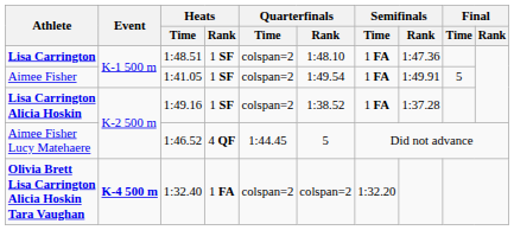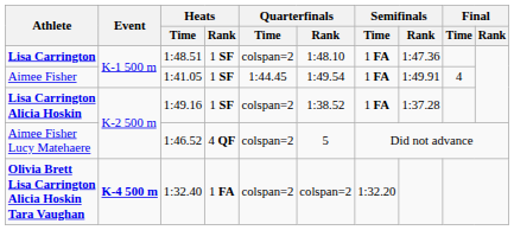 <table class=wikitable style=font-size:90%;text-align:center>
 <tr>
 <th rowspan=2>Athlete</th>
 <th rowspan=2>Event</th>
 <th colspan=2>Heats</th>
 <th colspan=2>Quarterfinals</th>
 <th colspan=2>Semifinals</th>
 <th colspan=2>Final</th>
 </tr>
 <tr style=font-size:95%>
 <th>Time</th>
 <th>Rank</th>
 <th>Time</th>
 <th>Rank</th>
 <th>Time</th>
 <th>Rank</th>
 <th>Time</th>
 <th>Rank</th>
 </tr>
 <tr>
 <td align=left><strong><a href='#'>Lisa Carrington</a></strong></td>
 <td align=left rowspan=2><a href='#'>K-1 500 m</a></td>
 <td>1:48.51</td>
 <td>1 <strong>SF</strong></td>
 <td>colspan=2 </td>
 <td>1:48.10</td>
 <td>1 <strong>FA</strong></td>
 <td>1:47.36</td>
 <td></td>
 </tr>
 <tr>
 <td align=left><a href='#'>Aimee Fisher</a></td>
 <td>1:41.05</td>
 <td>1 <strong>SF</strong></td>
-<td>colspan=2 </td>
+<td>1:44.45</td>
 <td>1:49.54</td>
 <td>1 <strong>FA</strong></td>
 <td>1:49.91</td>
-<td>5</td>
+<td>4</td>
 </tr>
 <tr>
 <td align=left><strong><a href='#'>Lisa Carrington</a></strong><br><strong><a href='#'>Alicia Hoskin</a></strong></td>
 <td align=left rowspan=2><a href='#'>K-2 500 m</a></td>
 <td>1:49.16</td>
 <td>1 <strong>SF</strong></td>
 <td>colspan=2 </td>
 <td>1:38.52</td>
 <td>1 <strong>FA</strong></td>
 <td>1:37.28</td>
 <td></td>
 </tr>
 <tr>
 <td align=left><a href='#'>Aimee Fisher</a><br><a href='#'>Lucy Matehaere</a></td>
 <td>1:46.52</td>
 <td>4 <strong>QF</strong></td>
-<td>1:44.45</td>
+<td>colspan=2 </td>
 <td>5</td>
 <td colspan=4>Did not advance</td>
 </tr>
 <tr>
 <td align=left><strong><a href='#'>Olivia Brett</a></strong><br><strong><a href='#'>Lisa Carrington</a></strong><br><strong><a href='#'>Alicia Hoskin</a></strong><br><strong><a href='#'>Tara Vaughan</a></strong></td>
 <td align=left><strong><a href='#'>K-4 500 m</a></strong></td>
 <td>1:32.40</td>
 <td>1 <strong>FA</strong></td>
 <td>colspan=2 </td>
 <td>colspan=2 </td>
 <td>1:32.20</td>
 <td></td>
 </tr>
 </table>
